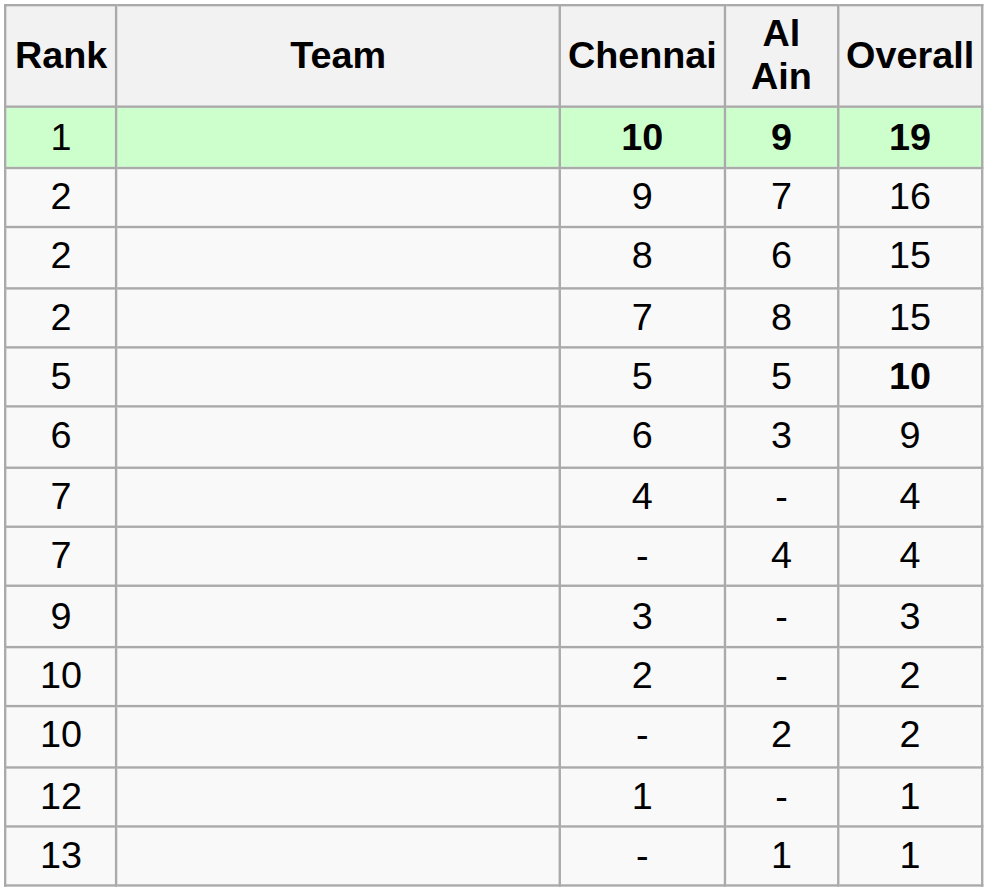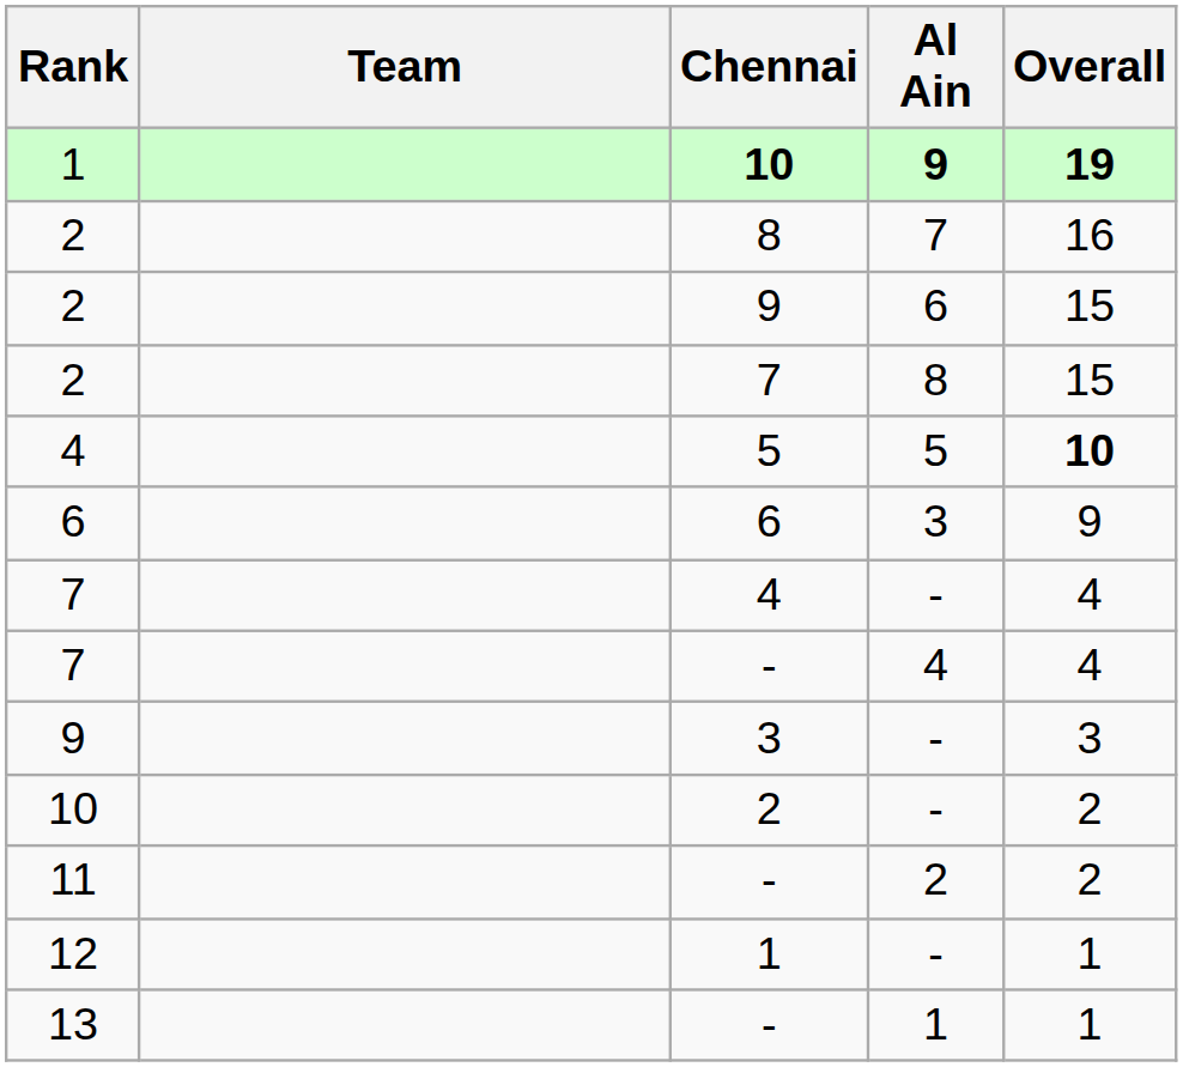 <table class="wikitable" style="text-align: center;">
 <tr>
 <th width=40>Rank</th>
 <th width=180>Team</th>
 <th width=40>Chennai</th>
 <th width=40>Al Ain</th>
 <th width=40>Overall</th>
 </tr>
 <tr bgcolor=ccffcc>
 <td>1</td>
 <td align=left></td>
 <td><strong>10</strong></td>
 <td><strong>9</strong></td>
 <td><strong>19</strong></td>
 </tr>
 <tr>
 <td>2</td>
 <td align=left></td>
-<td>9</td>
+<td>8</td>
 <td>7</td>
 <td>16</td>
 </tr>
 <tr>
 <td>2</td>
 <td align=left></td>
-<td>8</td>
+<td>9</td>
 <td>6</td>
 <td>15</td>
 </tr>
 <tr>
 <td>2</td>
 <td align=left></td>
 <td>7</td>
 <td>8</td>
 <td>15</td>
 </tr>
 <tr>
-<td>5</td>
+<td>4</td>
 <td align=left></td>
 <td>5</td>
 <td>5</td>
 <td><strong>10</strong></td>
 </tr>
 <tr>
 <td>6</td>
 <td align=left></td>
 <td>6</td>
 <td>3</td>
 <td>9</td>
 </tr>
 <tr>
 <td>7</td>
 <td align=left></td>
 <td>4</td>
 <td>-</td>
 <td>4</td>
 </tr>
 <tr>
 <td>7</td>
 <td align=left></td>
 <td>-</td>
 <td>4</td>
 <td>4</td>
 </tr>
 <tr>
 <td>9</td>
 <td align=left></td>
 <td>3</td>
 <td>-</td>
 <td>3</td>
 </tr>
 <tr>
 <td>10</td>
 <td align=left></td>
 <td>2</td>
 <td>-</td>
 <td>2</td>
 </tr>
 <tr>
-<td>10</td>
+<td>11</td>
 <td align=left></td>
 <td>-</td>
 <td>2</td>
 <td>2</td>
 </tr>
 <tr>
 <td>12</td>
 <td align=left></td>
 <td>1</td>
 <td>-</td>
 <td>1</td>
 </tr>
 <tr>
 <td>13</td>
 <td align=left></td>
 <td>-</td>
 <td>1</td>
 <td>1</td>
 </tr>
 </table>
